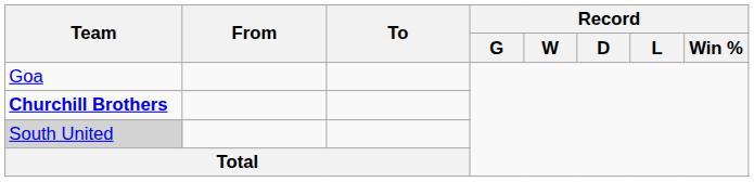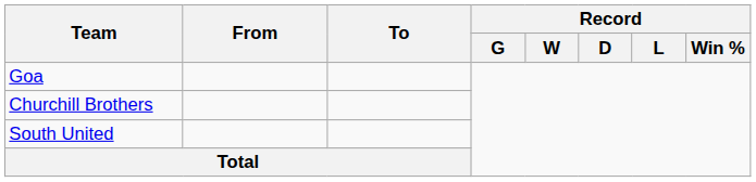 <table class="wikitable" style="text-align: center">
 <tr>
 <th rowspan=2! width=150>Team</th>
 <th rowspan=2! width=120>From</th>
 <th rowspan=2! width=120>To</th>
 <th colspan=7>Record</th>
 </tr>
 <tr>
 <th width=40>G</th>
 <th width=40>W</th>
 <th width=40>D</th>
 <th width=40>L</th>
 <th width=50>Win %</th>
 </tr>
 <tr>
 <td align=left><a href='#'>Goa</a></td>
 <td align=left></td>
 <td align=left><br></td>
 </tr>
 <tr>
-<td align=left><strong><a href='#'>Churchill Brothers</a></strong></td>
+<td align=left><a href='#'>Churchill Brothers</a></td>
 <td align=left></td>
 <td align=left><br></td>
 </tr>
 <tr>
-<td align=left style="background: lightgrey;"><a href='#'>South United</a></td>
+<td align=left><a href='#'>South United</a></td>
 <td align=left></td>
 <td align=left><br></td>
 </tr>
 <tr>
 <th colspan="3">Total<br></th>
 </tr>
 </table>
